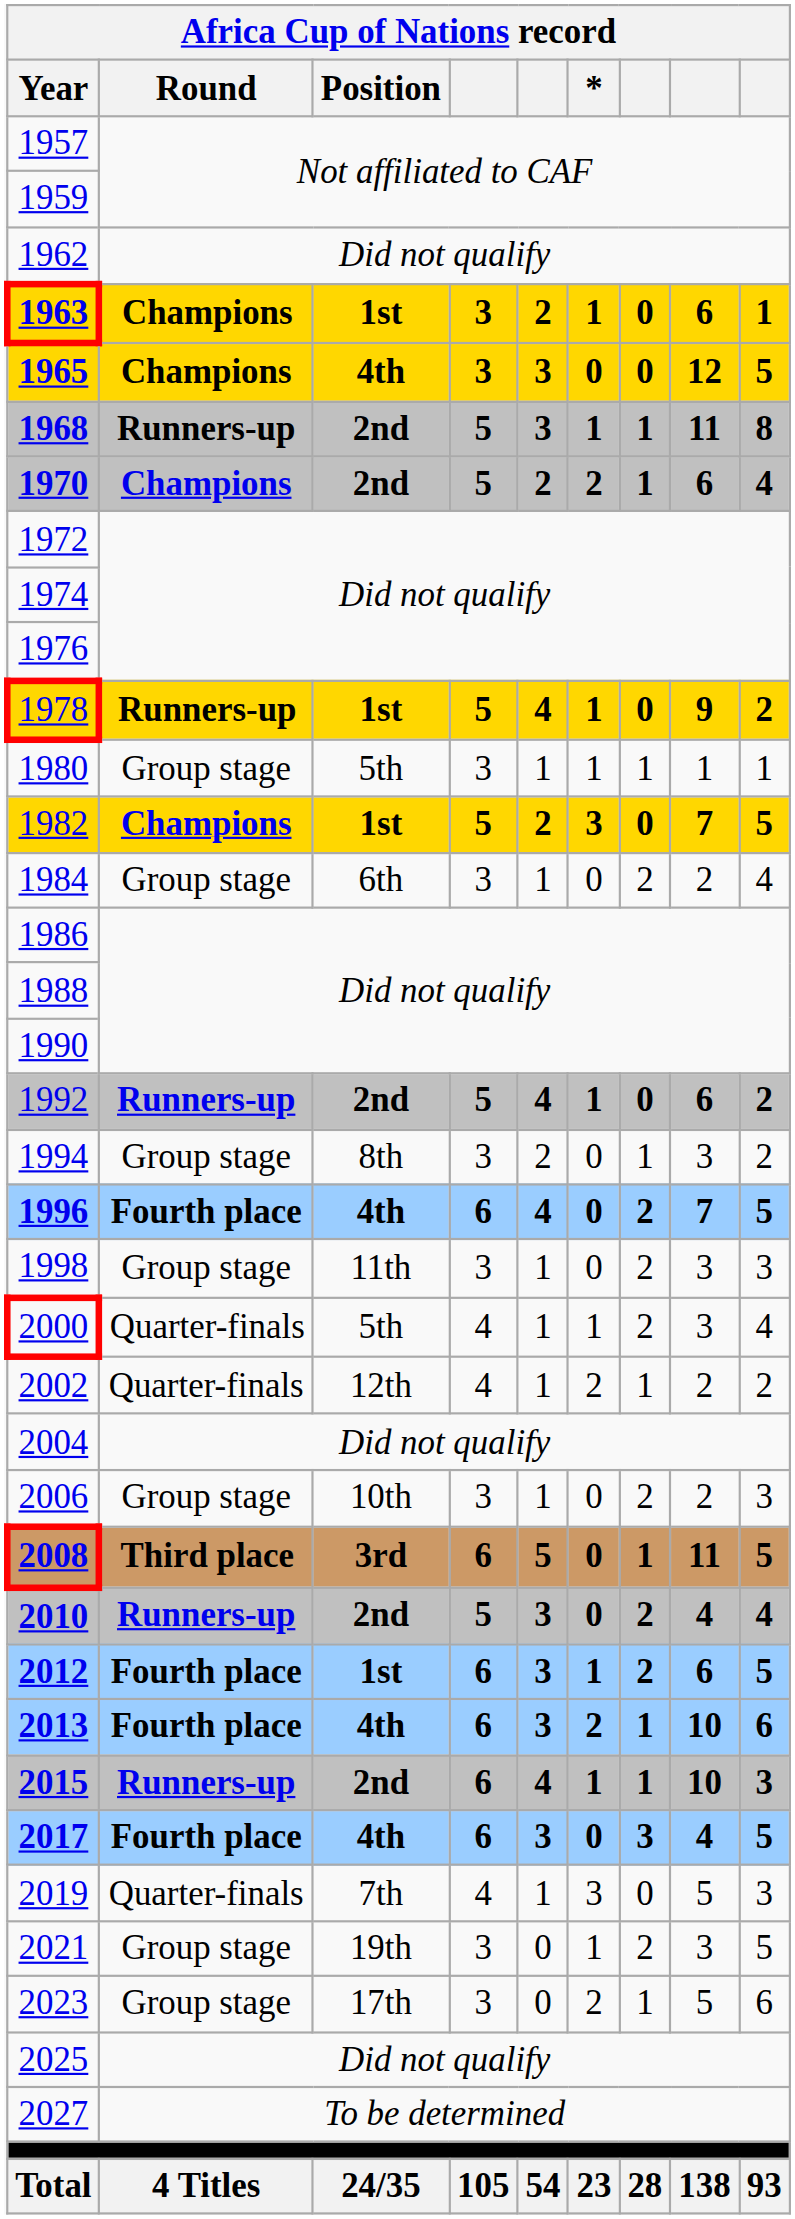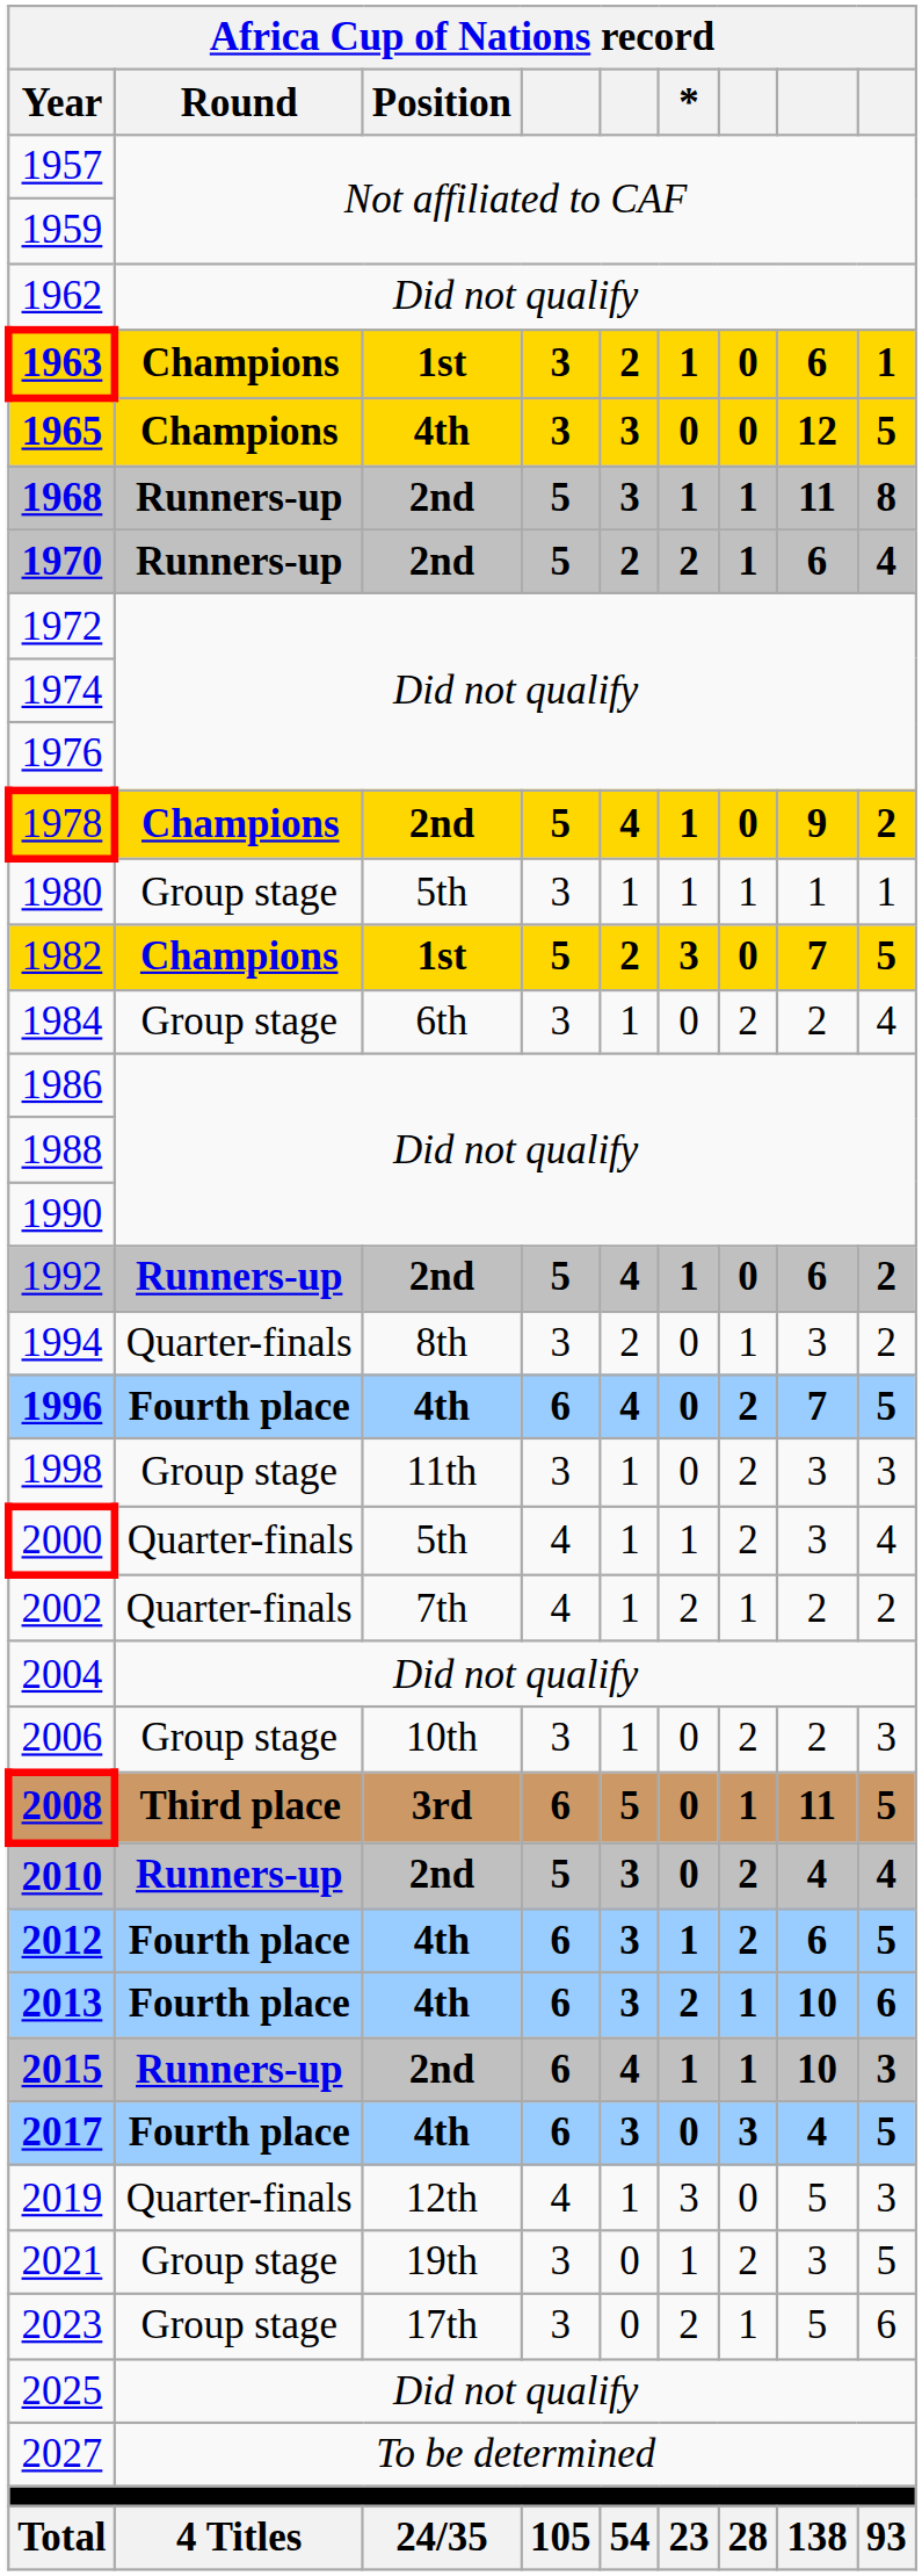 <table class="wikitable" style="text-align: center; left:100%">
 <tr>
 <th colspan=9><a href='#'>Africa Cup of Nations</a> record</th>
 </tr>
 <tr>
 <th>Year</th>
 <th>Round</th>
 <th>Position</th>
 <th></th>
 <th></th>
 <th>*</th>
 <th></th>
 <th></th>
 <th></th>
 </tr>
 <tr>
 <td> <a href='#'>1957</a></td>
 <td align=center rowspan=2 colspan="8"><em>Not affiliated to CAF</em></td>
 </tr>
 <tr>
 <td> <a href='#'>1959</a></td>
 </tr>
 <tr>
 <td> <a href='#'>1962</a></td>
 <td align=center colspan="8"><em>Did not qualify</em></td>
 </tr>
 <tr bgcolor=gold>
 <td style="border: 3px solid red"> <strong><a href='#'>1963</a></strong></td>
 <td><strong>Champions</strong></td>
 <td><strong>1st</strong></td>
 <td><strong>3</strong></td>
 <td><strong>2</strong></td>
 <td><strong>1</strong></td>
 <td><strong>0</strong></td>
 <td><strong>6</strong></td>
 <td><strong>1</strong></td>
 </tr>
 <tr bgcolor=gold>
 <td> <strong><a href='#'>1965</a></strong></td>
 <td><strong>Champions</strong></td>
 <td><strong>4th</strong></td>
 <td><strong>3</strong></td>
 <td><strong>3</strong></td>
 <td><strong>0</strong></td>
 <td><strong>0</strong></td>
 <td><strong>12</strong></td>
 <td><strong>5</strong></td>
 </tr>
 <tr bgcolor=silver>
 <td> <strong><a href='#'>1968</a></strong></td>
 <td><strong>Runners-up</strong></td>
 <td><strong>2nd</strong></td>
 <td><strong>5</strong></td>
 <td><strong>3</strong></td>
 <td><strong>1</strong></td>
 <td><strong>1</strong></td>
 <td><strong>11</strong></td>
 <td><strong>8</strong></td>
 </tr>
 <tr bgcolor=silver>
 <td> <strong><a href='#'>1970</a></strong></td>
-<td><strong><a href='#'>Champions</a></strong></td>
+<td><strong>Runners-up</strong></td>
 <td><strong>2nd</strong></td>
 <td><strong>5</strong></td>
 <td><strong>2</strong></td>
 <td><strong>2</strong></td>
 <td><strong>1</strong></td>
 <td><strong>6</strong></td>
 <td><strong>4</strong></td>
 </tr>
 <tr>
 <td> <a href='#'>1972</a></td>
 <td align=center rowspan=3 colspan="8"><em>Did not qualify</em></td>
 </tr>
 <tr>
 <td> <a href='#'>1974</a></td>
 </tr>
 <tr>
 <td> <a href='#'>1976</a></td>
 </tr>
 <tr bgcolor=gold>
 <td style="border: 3px solid red"> <a href='#'>1978</a></td>
-<td><strong>Runners-up</strong></td>
-<td><strong>1st</strong></td>
+<td><strong><a href='#'>Champions</a></strong></td>
+<td><strong>2nd</strong></td>
 <td><strong>5</strong></td>
 <td><strong>4</strong></td>
 <td><strong>1</strong></td>
 <td><strong>0</strong></td>
 <td><strong>9</strong></td>
 <td><strong>2</strong></td>
 </tr>
 <tr>
 <td> <a href='#'>1980</a></td>
 <td>Group stage</td>
 <td>5th</td>
 <td>3</td>
 <td>1</td>
 <td>1</td>
 <td>1</td>
 <td>1</td>
 <td>1</td>
 </tr>
 <tr bgcolor=gold>
 <td> <a href='#'>1982</a></td>
 <td><strong><a href='#'>Champions</a></strong></td>
 <td><strong>1st</strong></td>
 <td><strong>5</strong></td>
 <td><strong>2</strong></td>
 <td><strong>3</strong></td>
 <td><strong>0</strong></td>
 <td><strong>7</strong></td>
 <td><strong>5</strong></td>
 </tr>
 <tr>
 <td> <a href='#'>1984</a></td>
 <td>Group stage</td>
 <td>6th</td>
 <td>3</td>
 <td>1</td>
 <td>0</td>
 <td>2</td>
 <td>2</td>
 <td>4</td>
 </tr>
 <tr>
 <td> <a href='#'>1986</a></td>
 <td align=center rowspan=3 colspan="8"><em>Did not qualify</em></td>
 </tr>
 <tr>
 <td> <a href='#'>1988</a></td>
 </tr>
 <tr>
 <td> <a href='#'>1990</a></td>
 </tr>
 <tr bgcolor=silver>
 <td> <a href='#'>1992</a></td>
 <td><strong><a href='#'>Runners-up</a></strong></td>
 <td><strong>2nd</strong></td>
 <td><strong>5</strong></td>
 <td><strong>4</strong></td>
 <td><strong>1</strong></td>
 <td><strong>0</strong></td>
 <td><strong>6</strong></td>
 <td><strong>2</strong></td>
 </tr>
 <tr>
 <td> <a href='#'>1994</a></td>
-<td>Group stage</td>
+<td>Quarter-finals</td>
 <td>8th</td>
 <td>3</td>
 <td>2</td>
 <td>0</td>
 <td>1</td>
 <td>3</td>
 <td>2</td>
 </tr>
 <tr bgcolor="#9acdff">
 <td> <strong><a href='#'>1996</a></strong></td>
 <td><strong>Fourth place</strong></td>
 <td><strong>4th</strong></td>
 <td><strong>6</strong></td>
 <td><strong>4</strong></td>
 <td><strong>0</strong></td>
 <td><strong>2</strong></td>
 <td><strong>7</strong></td>
 <td><strong>5</strong></td>
 </tr>
 <tr>
 <td> <a href='#'>1998</a></td>
 <td>Group stage</td>
 <td>11th</td>
 <td>3</td>
 <td>1</td>
 <td>0</td>
 <td>2</td>
 <td>3</td>
 <td>3</td>
 </tr>
 <tr>
 <td style="border: 3px solid red">  <a href='#'>2000</a></td>
 <td>Quarter-finals</td>
 <td>5th</td>
 <td>4</td>
 <td>1</td>
 <td>1</td>
 <td>2</td>
 <td>3</td>
 <td>4</td>
 </tr>
 <tr>
 <td> <a href='#'>2002</a></td>
 <td>Quarter-finals</td>
-<td>12th</td>
+<td>7th</td>
 <td>4</td>
 <td>1</td>
 <td>2</td>
 <td>1</td>
 <td>2</td>
 <td>2</td>
 </tr>
 <tr>
 <td> <a href='#'>2004</a></td>
 <td align=center colspan="8"><em>Did not qualify</em></td>
 </tr>
 <tr>
 <td> <a href='#'>2006</a></td>
 <td>Group stage</td>
 <td>10th</td>
 <td>3</td>
 <td>1</td>
 <td>0</td>
 <td>2</td>
 <td>2</td>
 <td>3</td>
 </tr>
 <tr bgcolor="#cc9966">
 <td style="border: 3px solid red"> <strong><a href='#'>2008</a></strong></td>
 <td><strong>Third place</strong></td>
 <td><strong>3rd</strong></td>
 <td><strong>6</strong></td>
 <td><strong>5</strong></td>
 <td><strong>0</strong></td>
 <td><strong>1</strong></td>
 <td><strong>11</strong></td>
 <td><strong>5</strong></td>
 </tr>
 <tr bgcolor=silver>
 <td> <strong><a href='#'>2010</a></strong></td>
 <td><strong><a href='#'>Runners-up</a></strong></td>
 <td><strong>2nd</strong></td>
 <td><strong>5</strong></td>
 <td><strong>3</strong></td>
 <td><strong>0</strong></td>
 <td><strong>2</strong></td>
 <td><strong>4</strong></td>
 <td><strong>4</strong></td>
 </tr>
 <tr bgcolor="#9acdff">
 <td> <strong><a href='#'>2012</a></strong></td>
 <td><strong>Fourth place</strong></td>
-<td><strong>1st</strong></td>
+<td><strong>4th</strong></td>
 <td><strong>6</strong></td>
 <td><strong>3</strong></td>
 <td><strong>1</strong></td>
 <td><strong>2</strong></td>
 <td><strong>6</strong></td>
 <td><strong>5</strong></td>
 </tr>
 <tr bgcolor="#9acdff">
 <td> <strong><a href='#'>2013</a></strong></td>
 <td><strong>Fourth place</strong></td>
 <td><strong>4th</strong></td>
 <td><strong>6</strong></td>
 <td><strong>3</strong></td>
 <td><strong>2</strong></td>
 <td><strong>1</strong></td>
 <td><strong>10</strong></td>
 <td><strong>6</strong></td>
 </tr>
 <tr bgcolor=silver>
 <td> <strong><a href='#'>2015</a></strong></td>
 <td><strong><a href='#'>Runners-up</a></strong></td>
 <td><strong>2nd</strong></td>
 <td><strong>6</strong></td>
 <td><strong>4</strong></td>
 <td><strong>1</strong></td>
 <td><strong>1</strong></td>
 <td><strong>10</strong></td>
 <td><strong>3</strong></td>
 </tr>
 <tr bgcolor="#9acdff">
 <td> <strong><a href='#'>2017</a></strong></td>
 <td><strong>Fourth place</strong></td>
 <td><strong>4th</strong></td>
 <td><strong>6</strong></td>
 <td><strong>3</strong></td>
 <td><strong>0</strong></td>
 <td><strong>3</strong></td>
 <td><strong>4</strong></td>
 <td><strong>5</strong></td>
 </tr>
 <tr>
 <td> <a href='#'>2019</a></td>
 <td>Quarter-finals</td>
-<td>7th</td>
+<td>12th</td>
 <td>4</td>
 <td>1</td>
 <td>3</td>
 <td>0</td>
 <td>5</td>
 <td>3</td>
 </tr>
 <tr>
 <td> <a href='#'>2021</a></td>
 <td>Group stage</td>
 <td>19th</td>
 <td>3</td>
 <td>0</td>
 <td>1</td>
 <td>2</td>
 <td>3</td>
 <td>5</td>
 </tr>
 <tr>
 <td> <a href='#'>2023</a></td>
 <td>Group stage</td>
 <td>17th</td>
 <td>3</td>
 <td>0</td>
 <td>2</td>
 <td>1</td>
 <td>5</td>
 <td>6</td>
 </tr>
 <tr>
 <td> <a href='#'>2025</a></td>
 <td align=center colspan="8"><em>Did not qualify</em></td>
 </tr>
 <tr>
 <td>   <a href='#'>2027</a></td>
 <td align=center colspan="8"><em>To be determined</em></td>
 </tr>
 <tr>
 <td style="background:black" colspan=9></td>
 </tr>
 <tr>
 <th>Total</th>
 <th>4 Titles</th>
 <th>24/35</th>
 <th>105</th>
 <th>54</th>
 <th>23</th>
 <th>28</th>
 <th>138</th>
 <th>93</th>
 </tr>
 </table>
